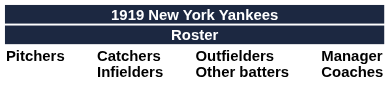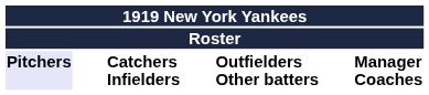 <table class="toccolours" style="font-size: 95%;">
 <tr>
 <th colspan="10" style="background-color: #1c2841; color: white; text-align: center;">1919 New York Yankees</th>
 </tr>
 <tr>
 <td colspan="10" style="background-color: #1c2841; color: white; text-align: center;"><strong>Roster</strong></td>
 </tr>
 <tr>
-<td valign="top"><strong>Pitchers</strong><br>           </td>
+<td valign="top" style="background: lavender;"><strong>Pitchers</strong><br>           </td>
 <td width="25px"></td>
 <td valign="top"><strong>Catchers</strong><br>   <strong>Infielders</strong>     </td>
 <td width="25px"></td>
 <td valign="top"><strong>Outfielders</strong><br>        <strong>Other batters</strong>  </td>
 <td width="25px"></td>
 <td valign="top"><strong>Manager</strong><br> <strong>Coaches</strong> </td>
 </tr>
 </table>
